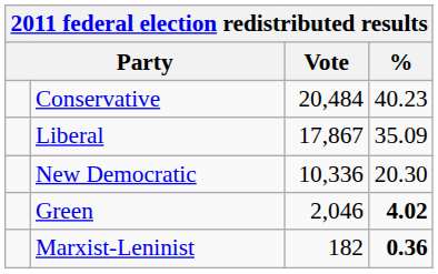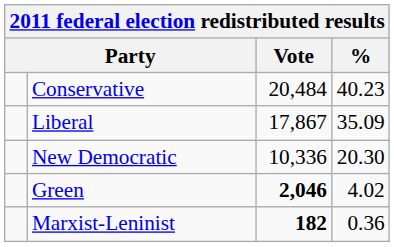 <table class="wikitable">
 <tr>
 <th colspan="4"><a href='#'>2011 federal election</a> redistributed results</th>
 </tr>
 <tr>
 <th bgcolor="#DDDDFF" width="130px" colspan="2">Party</th>
 <th bgcolor="#DDDDFF" width="50px">Vote</th>
 <th bgcolor="#DDDDFF" width="30px">%</th>
 </tr>
 <tr>
 <td> </td>
 <td><a href='#'>Conservative</a></td>
 <td align=right>20,484</td>
 <td align=right>40.23</td>
 </tr>
 <tr>
 <td> </td>
 <td><a href='#'>Liberal</a></td>
 <td align=right>17,867</td>
 <td align=right>35.09</td>
 </tr>
 <tr>
 <td> </td>
 <td><a href='#'>New Democratic</a></td>
 <td align=right>10,336</td>
 <td align=right>20.30</td>
 </tr>
 <tr>
 <td> </td>
 <td><a href='#'>Green</a></td>
-<td align=right>2,046</td>
-<td align=right><strong>4.02</strong></td>
+<td align=right><strong>2,046</strong></td>
+<td align=right>4.02</td>
 </tr>
 <tr>
 <td> </td>
 <td><a href='#'>Marxist-Leninist</a></td>
-<td align=right>182</td>
-<td align=right><strong>0.36</strong></td>
+<td align=right><strong>182</strong></td>
+<td align=right>0.36</td>
 </tr>
 </table>
